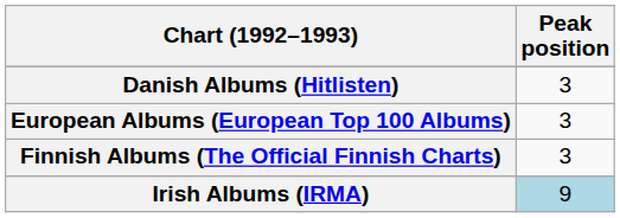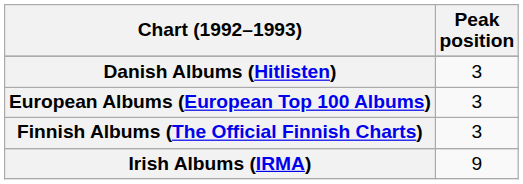 <table class="wikitable sortable plainrowheaders">
 <tr>
 <th scope="col">Chart (1992–1993)</th>
 <th scope="col">Peak<br>position</th>
 </tr>
 <tr>
 </tr>
 <tr>
 </tr>
 <tr>
 </tr>
 <tr>
 </tr>
 <tr>
 <th scope="row">Danish Albums (<a href='#'>Hitlisten</a>)</th>
 <td align=center>3</td>
 </tr>
 <tr>
 <th scope="row">European Albums (<a href='#'>European Top 100 Albums</a>)</th>
 <td align=center>3</td>
 </tr>
 <tr>
 <th scope="row">Finnish Albums (<a href='#'>The Official Finnish Charts</a>)</th>
 <td align=center>3</td>
 </tr>
 <tr>
 </tr>
 <tr>
 </tr>
 <tr>
 <th scope="row">Irish Albums (<a href='#'>IRMA</a>)</th>
-<td align="center" style="background: lightblue;">9</td>
+<td align="center">9</td>
 </tr>
 <tr>
 </tr>
 <tr>
 </tr>
 <tr>
 </tr>
 <tr>
 </tr>
 <tr>
 </tr>
 <tr>
 </tr>
 <tr>
 </tr>
 </table>
